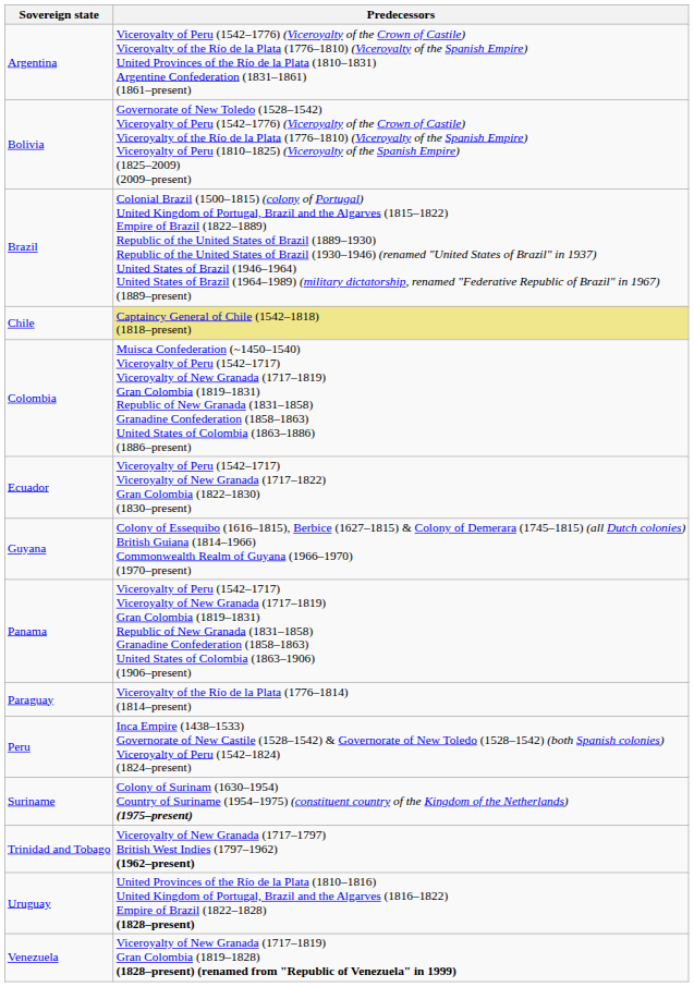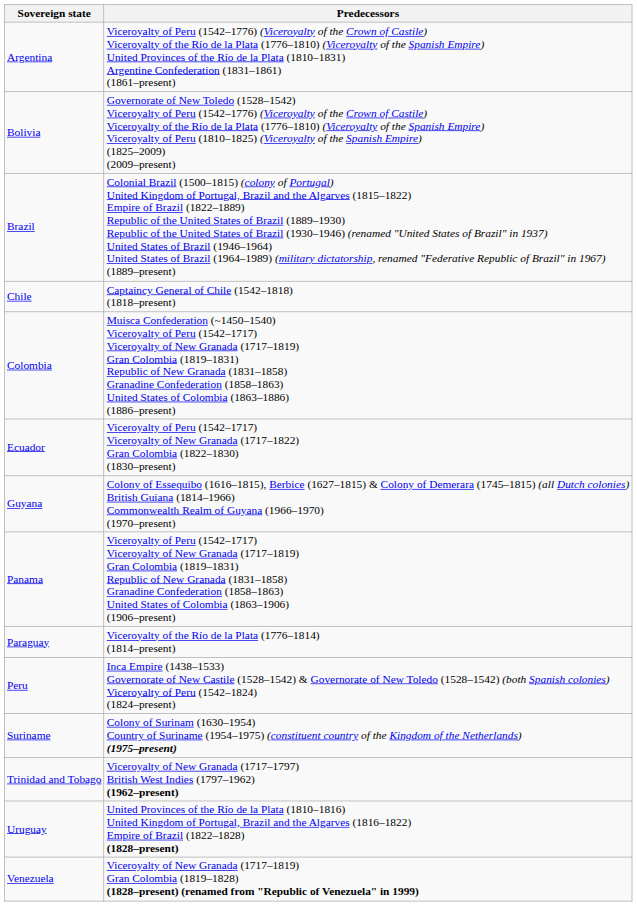 <table class="wikitable">
 <tr>
 <th>Sovereign state</th>
 <th>Predecessors</th>
 </tr>
 <tr>
 <td><a href='#'>Argentina</a></td>
 <td> <a href='#'>Viceroyalty of Peru</a> (1542–1776) <em>(<a href='#'>Viceroyalty</a> of the <a href='#'>Crown of Castile</a>)</em><br> <a href='#'>Viceroyalty of the Río de la Plata</a> (1776–1810) <em>(<a href='#'>Viceroyalty</a> of the <a href='#'>Spanish Empire</a>)</em><br> <a href='#'>United Provinces of the Río de la Plata</a> (1810–1831)<br> <a href='#'>Argentine Confederation</a> (1831–1861)<br><strong></strong> (1861–present)</td>
 </tr>
 <tr>
 <td><a href='#'>Bolivia</a></td>
 <td>  <a href='#'>Governorate of New Toledo</a> (1528–1542)<br> <a href='#'>Viceroyalty of Peru</a> (1542–1776) <em>(<a href='#'>Viceroyalty</a> of the <a href='#'>Crown of Castile</a>)</em><br> <a href='#'>Viceroyalty of the Río de la Plata</a> (1776–1810) <em>(<a href='#'>Viceroyalty</a> of the <a href='#'>Spanish Empire</a>)</em><br> <a href='#'>Viceroyalty of Peru</a> (1810–1825) <em>(<a href='#'>Viceroyalty</a> of the <a href='#'>Spanish Empire</a>)</em><br> (1825–2009)<br><strong></strong> (2009–present)</td>
 </tr>
 <tr>
 <td><a href='#'>Brazil</a></td>
 <td> <a href='#'>Colonial Brazil</a> (1500–1815) <em>(<a href='#'>colony</a> of <a href='#'>Portugal</a>)</em><br> <a href='#'>United Kingdom of Portugal, Brazil and the Algarves</a> (1815–1822)<br> <a href='#'>Empire of Brazil</a> (1822–1889)<br> <a href='#'>Republic of the United States of Brazil</a> (1889–1930)<br> <a href='#'>Republic of the United States of Brazil</a> (1930–1946) <em>(renamed "United States of Brazil" in 1937)</em><br> <a href='#'>United States of Brazil</a> (1946–1964)<br> <a href='#'>United States of Brazil</a> (1964–1989) <em>(<a href='#'>military dictatorship</a>, renamed "Federative Republic of Brazil" in 1967)</em><br><strong></strong> (1889–present)</td>
 </tr>
 <tr>
 <td><a href='#'>Chile</a></td>
-<td style="background: khaki;"> <a href='#'>Captaincy General of Chile</a> (1542–1818)<br><strong></strong> (1818–present)</td>
+<td> <a href='#'>Captaincy General of Chile</a> (1542–1818)<br><strong></strong> (1818–present)</td>
 </tr>
 <tr>
 <td><a href='#'>Colombia</a></td>
 <td> <a href='#'>Muisca Confederation</a> (~1450–1540)<br> <a href='#'>Viceroyalty of Peru</a> (1542–1717)<br> <a href='#'>Viceroyalty of New Granada</a> (1717–1819)<br> <a href='#'>Gran Colombia</a> (1819–1831)<br> <a href='#'>Republic of New Granada</a> (1831–1858)<br> <a href='#'>Granadine Confederation</a> (1858–1863)<br> <a href='#'>United States of Colombia</a> (1863–1886)<br><strong></strong> (1886–present)</td>
 </tr>
 <tr>
 <td><a href='#'>Ecuador</a></td>
 <td> <a href='#'>Viceroyalty of Peru</a> (1542–1717)<br> <a href='#'>Viceroyalty of New Granada</a> (1717–1822)<br> <a href='#'>Gran Colombia</a> (1822–1830)<br><strong></strong> (1830–present)</td>
 </tr>
 <tr>
 <td><a href='#'>Guyana</a></td>
 <td> <a href='#'>Colony of Essequibo</a> (1616–1815),  <a href='#'>Berbice</a> (1627–1815) &  <a href='#'>Colony of Demerara</a> (1745–1815) <em>(all <a href='#'>Dutch colonies</a>)</em><br> <a href='#'>British Guiana</a> (1814–1966)<br> <a href='#'>Commonwealth Realm of Guyana</a> (1966–1970)<br><strong></strong> (1970–present)</td>
 </tr>
 <tr>
 <td><a href='#'>Panama</a></td>
 <td> <a href='#'>Viceroyalty of Peru</a> (1542–1717)<br> <a href='#'>Viceroyalty of New Granada</a> (1717–1819)<br> <a href='#'>Gran Colombia</a> (1819–1831)<br> <a href='#'>Republic of New Granada</a> (1831–1858)<br> <a href='#'>Granadine Confederation</a> (1858–1863)<br> <a href='#'>United States of Colombia</a> (1863–1906)<br><strong></strong> (1906–present)</td>
 </tr>
 <tr>
 <td><a href='#'>Paraguay</a></td>
 <td> <a href='#'>Viceroyalty of the Río de la Plata</a> (1776–1814)<br><strong></strong> (1814–present)</td>
 </tr>
 <tr>
 <td><a href='#'>Peru</a></td>
 <td> <a href='#'>Inca Empire</a> (1438–1533)<br> <a href='#'>Governorate of New Castile</a> (1528–1542) &  <a href='#'>Governorate of New Toledo</a> (1528–1542) <em>(both <a href='#'>Spanish colonies</a>)</em><br> <a href='#'>Viceroyalty of Peru</a> (1542–1824)<br><strong></strong> (1824–present)</td>
 </tr>
 <tr>
 <td><a href='#'>Suriname</a></td>
 <td> <a href='#'>Colony of Surinam</a> (1630–1954)<br> <a href='#'>Country of Suriname</a> (1954–1975) <em>(<a href='#'>constituent country</a> of the <a href='#'>Kingdom of the Netherlands</a>)<strong><br></strong><strong> (1975–present)</td>
 </tr>
 <tr>
 <td><a href='#'>Trinidad and Tobago</a></td>
 <td> <a href='#'>Viceroyalty of New Granada</a> (1717–1797)<br> <a href='#'>British West Indies</a> (1797–1962)<br></strong><strong> (1962–present)</td>
 </tr>
 <tr>
 <td><a href='#'>Uruguay</a></td>
 <td>  <a href='#'>United Provinces of the Río de la Plata</a> (1810–1816)<br> <a href='#'>United Kingdom of Portugal, Brazil and the Algarves</a> (1816–1822)<br> <a href='#'>Empire of Brazil</a> (1822–1828)<br></strong><strong> (1828–present)</td>
 </tr>
 <tr>
 <td><a href='#'>Venezuela</a></td>
 <td> <a href='#'>Viceroyalty of New Granada</a> (1717–1819)<br> <a href='#'>Gran Colombia</a> (1819–1828)<br></strong><strong> (1828–present) </em>(renamed from "Republic of Venezuela" in 1999)<em></td>
 </tr>
 </table>
